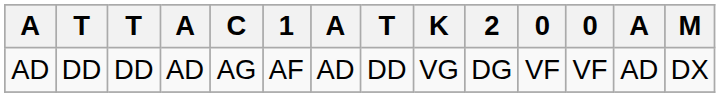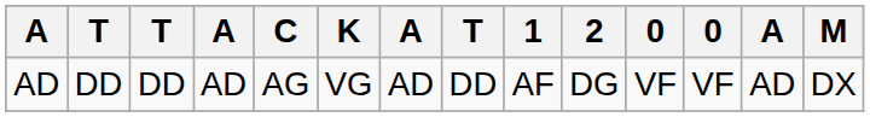 <table class="wikitable">
 <tr>
 <th>A</th>
 <th>T</th>
 <th>T</th>
 <th>A</th>
 <th>C</th>
-<th>1</th>
+<th>K</th>
 <th>A</th>
 <th>T</th>
-<th>K</th>
+<th>1</th>
 <th>2</th>
 <th>0</th>
 <th>0</th>
 <th>A</th>
 <th>M</th>
 </tr>
 <tr>
 <td>AD</td>
 <td>DD</td>
 <td>DD</td>
 <td>AD</td>
 <td>AG</td>
-<td>AF</td>
+<td>VG</td>
 <td>AD</td>
 <td>DD</td>
-<td>VG</td>
+<td>AF</td>
 <td>DG</td>
 <td>VF</td>
 <td>VF</td>
 <td>AD</td>
 <td>DX</td>
 </tr>
 </table>
